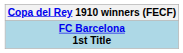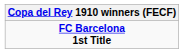 <table class="wikitable" style="text-align: center; margin: 0 auto;">
 <tr>
 <th><a href='#'>Copa del Rey</a> 1910 winners (FECF)</th>
 </tr>
 <tr>
-<td style="background: lightblue;"><strong><a href='#'>FC Barcelona</a></strong><br><strong>1st Title</strong></td>
+<td><strong><a href='#'>FC Barcelona</a></strong><br><strong>1st Title</strong></td>
 </tr>
 </table>
